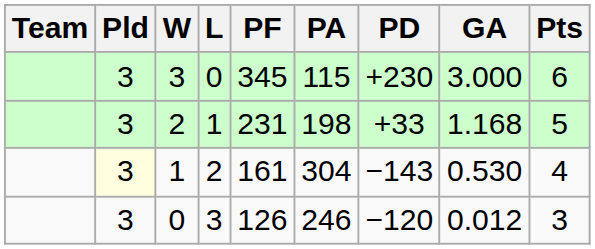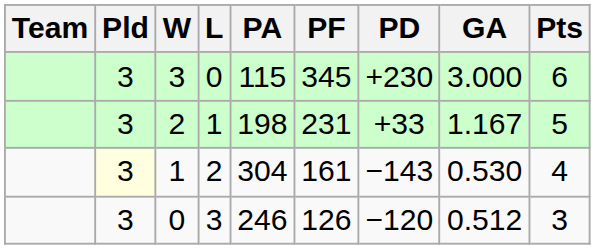 <table class="wikitable" style="text-align: center">
 <tr>
 <th>Team</th>
 <th>Pld</th>
 <th>W</th>
 <th>L</th>
+<th>PA</th>
 <th>PF</th>
-<th>PA</th>
 <th>PD</th>
 <th>GA</th>
 <th>Pts</th>
 </tr>
 <tr bgcolor="#ccffcc">
 <td align=left></td>
 <td>3</td>
 <td>3</td>
 <td>0</td>
+<td>115</td>
 <td>345</td>
-<td>115</td>
 <td>+230</td>
 <td>3.000</td>
 <td>6</td>
 </tr>
 <tr bgcolor="#ccffcc">
 <td align=left></td>
 <td>3</td>
 <td>2</td>
 <td>1</td>
+<td>198</td>
 <td>231</td>
-<td>198</td>
 <td>+33</td>
-<td>1.168</td>
+<td>1.167</td>
 <td>5</td>
 </tr>
 <tr>
 <td align=left></td>
 <td style="background: lightyellow;">3</td>
 <td>1</td>
 <td>2</td>
+<td>304</td>
 <td>161</td>
-<td>304</td>
 <td>−143</td>
 <td>0.530</td>
 <td>4</td>
 </tr>
 <tr>
 <td align=left></td>
 <td>3</td>
 <td>0</td>
 <td>3</td>
+<td>246</td>
 <td>126</td>
-<td>246</td>
 <td>−120</td>
-<td>0.012</td>
+<td>0.512</td>
 <td>3</td>
 </tr>
 </table>
